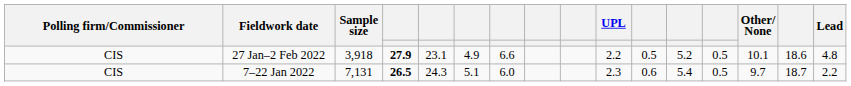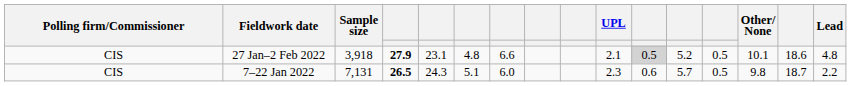 <table class="wikitable collapsible collapsed" style="text-align:center; font-size:90%; line-height:14px;">
 <tr style="height:42px;">
 <th style="width:250px;" rowspan="2">Polling firm/Commissioner</th>
 <th style="width:125px;" rowspan="2">Fieldwork date</th>
 <th style="width:50px;" rowspan="2">Sample size</th>
 <th style="width:35px;"></th>
 <th style="width:35px;"></th>
 <th style="width:35px;"></th>
 <th style="width:35px;"></th>
 <th style="width:35px;"></th>
 <th style="width:35px;"></th>
 <th style="width:35px;"><a href='#'>UPL</a></th>
 <th style="width:35px;"></th>
 <th style="width:35px;"></th>
 <th style="width:35px;"></th>
 <th style="width:35px;" rowspan="2">Other/<br>None</th>
 <th style="width:35px;" rowspan="2"></th>
 <th style="width:30px;" rowspan="2">Lead</th>
 </tr>
 <tr>
 <th style="color:inherit;background:"></th>
 <th style="color:inherit;background:"></th>
 <th style="color:inherit;background:"></th>
 <th style="color:inherit;background:"></th>
 <th style="color:inherit;background:"></th>
 <th style="color:inherit;background:"></th>
 <th style="color:inherit;background:"></th>
 <th style="color:inherit;background:"></th>
 <th style="color:inherit;background:"></th>
 <th style="color:inherit;background:"></th>
 </tr>
 <tr>
 <td>CIS</td>
 <td>27 Jan–2 Feb 2022</td>
 <td>3,918</td>
 <td><strong>27.9</strong></td>
 <td>23.1</td>
-<td>4.9</td>
+<td>4.8</td>
 <td>6.6</td>
 <td></td>
 <td></td>
-<td>2.2</td>
-<td>0.5</td>
+<td>2.1</td>
+<td style="background: lightgrey;">0.5</td>
 <td>5.2</td>
 <td>0.5</td>
 <td>10.1</td>
 <td>18.6</td>
 <td style="background:">4.8</td>
 </tr>
 <tr>
 <td>CIS</td>
 <td>7–22 Jan 2022</td>
 <td>7,131</td>
 <td><strong>26.5</strong></td>
 <td>24.3</td>
 <td>5.1</td>
 <td>6.0</td>
 <td></td>
 <td></td>
 <td>2.3</td>
 <td>0.6</td>
-<td>5.4</td>
+<td>5.7</td>
 <td>0.5</td>
-<td>9.7</td>
+<td>9.8</td>
 <td>18.7</td>
 <td style="background:">2.2</td>
 </tr>
 </table>
